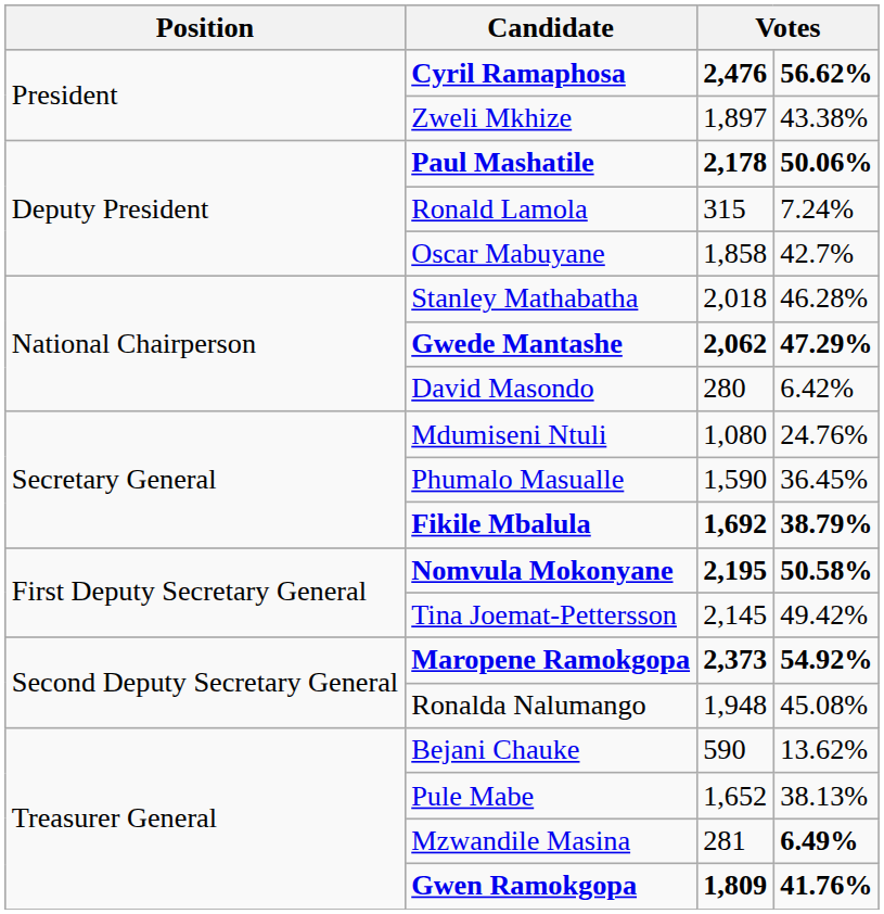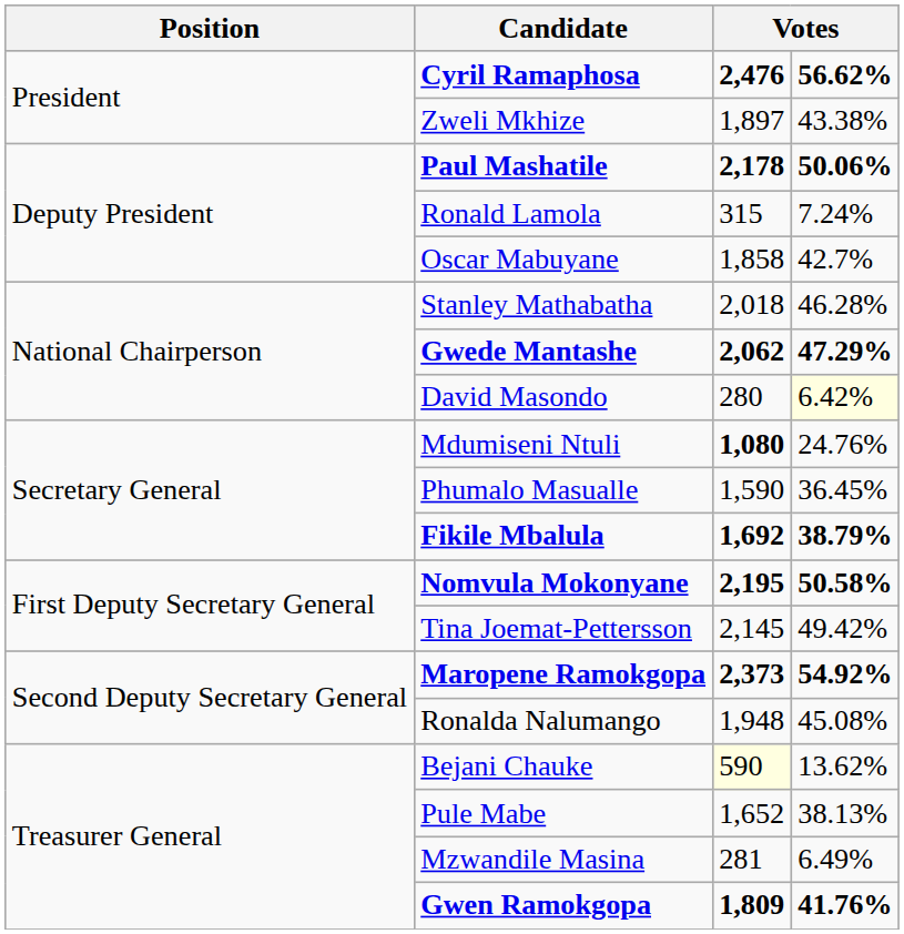 <table class="wikitable">
 <tr>
 <th>Position</th>
 <th>Candidate</th>
 <th colspan="2">Votes</th>
 </tr>
 <tr>
 <td rowspan="2">President</td>
 <td><strong><a href='#'>Cyril Ramaphosa</a></strong></td>
 <td><strong>2,476</strong></td>
 <td><strong>56.62%</strong></td>
 </tr>
 <tr>
 <td><a href='#'>Zweli Mkhize</a></td>
 <td>1,897</td>
 <td>43.38%</td>
 </tr>
 <tr>
 <td rowspan="3">Deputy President</td>
 <td><strong><a href='#'>Paul Mashatile</a></strong></td>
 <td><strong>2,178</strong></td>
 <td><strong>50.06%</strong></td>
 </tr>
 <tr>
 <td><a href='#'>Ronald Lamola</a></td>
 <td>315</td>
 <td>7.24%</td>
 </tr>
 <tr>
 <td><a href='#'>Oscar Mabuyane</a></td>
 <td>1,858</td>
 <td>42.7%</td>
 </tr>
 <tr>
 <td rowspan="3">National Chairperson</td>
 <td><a href='#'>Stanley Mathabatha</a></td>
 <td>2,018</td>
 <td>46.28%</td>
 </tr>
 <tr>
 <td><strong><a href='#'>Gwede Mantashe</a></strong></td>
 <td><strong>2,062</strong></td>
 <td><strong>47.29%</strong></td>
 </tr>
 <tr>
 <td><a href='#'>David Masondo</a></td>
 <td>280</td>
-<td>6.42%</td>
+<td style="background: lightyellow;">6.42%</td>
 </tr>
 <tr>
 <td rowspan="3">Secretary General</td>
 <td><a href='#'>Mdumiseni Ntuli</a></td>
-<td>1,080</td>
+<td><strong>1,080</strong></td>
 <td>24.76%</td>
 </tr>
 <tr>
 <td><a href='#'>Phumalo Masualle</a></td>
 <td>1,590</td>
 <td>36.45%</td>
 </tr>
 <tr>
 <td><strong><a href='#'>Fikile Mbalula</a></strong></td>
 <td><strong>1,692</strong></td>
 <td><strong>38.79%</strong></td>
 </tr>
 <tr>
 <td rowspan="2">First Deputy Secretary General</td>
 <td><strong><a href='#'>Nomvula Mokonyane</a></strong></td>
 <td><strong>2,195</strong></td>
 <td><strong>50.58%</strong></td>
 </tr>
 <tr>
 <td><a href='#'>Tina Joemat-Pettersson</a></td>
 <td>2,145</td>
 <td>49.42%</td>
 </tr>
 <tr>
 <td rowspan="2">Second Deputy Secretary General</td>
 <td><strong><a href='#'>Maropene Ramokgopa</a></strong></td>
 <td><strong>2,373</strong></td>
 <td><strong>54.92%</strong></td>
 </tr>
 <tr>
 <td>Ronalda Nalumango</td>
 <td>1,948</td>
 <td>45.08%</td>
 </tr>
 <tr>
 <td rowspan="4">Treasurer General</td>
 <td><a href='#'>Bejani Chauke</a></td>
-<td>590</td>
+<td style="background: lightyellow;">590</td>
 <td>13.62%</td>
 </tr>
 <tr>
 <td><a href='#'>Pule Mabe</a></td>
 <td>1,652</td>
 <td>38.13%</td>
 </tr>
 <tr>
 <td><a href='#'>Mzwandile Masina</a></td>
 <td>281</td>
-<td><strong>6.49%</strong></td>
+<td>6.49%</td>
 </tr>
 <tr>
 <td><strong><a href='#'>Gwen Ramokgopa</a></strong></td>
 <td><strong>1,809</strong></td>
 <td><strong>41.76%</strong></td>
 </tr>
 </table>
